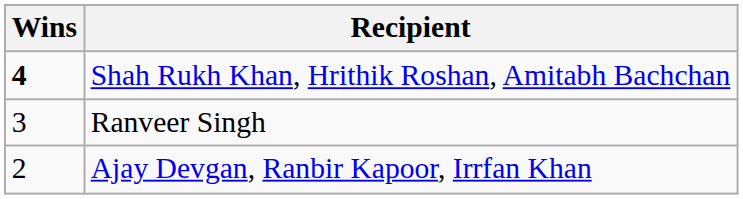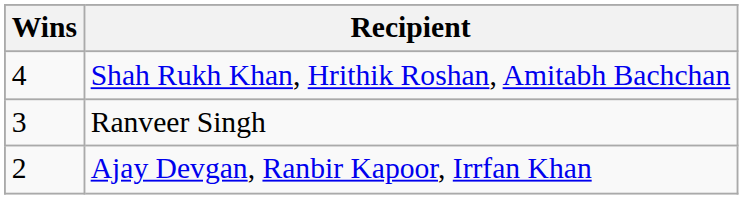 <table class="wikitable">
 <tr>
 <th>Wins</th>
 <th>Recipient</th>
 </tr>
 <tr>
-<td><strong>4</strong></td>
+<td>4</td>
 <td><a href='#'>Shah Rukh Khan</a>, <a href='#'>Hrithik Roshan</a>, <a href='#'>Amitabh Bachchan</a></td>
 </tr>
 <tr>
 <td>3</td>
 <td>Ranveer Singh</td>
 </tr>
 <tr>
 <td>2</td>
 <td><a href='#'>Ajay Devgan</a>, <a href='#'>Ranbir Kapoor</a>, <a href='#'>Irrfan Khan</a></td>
 </tr>
 </table>
